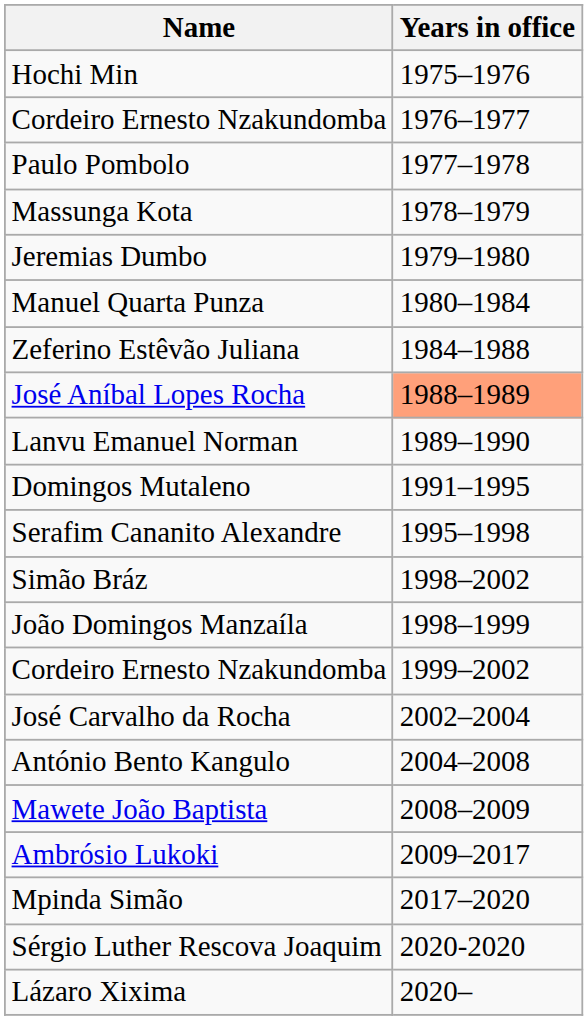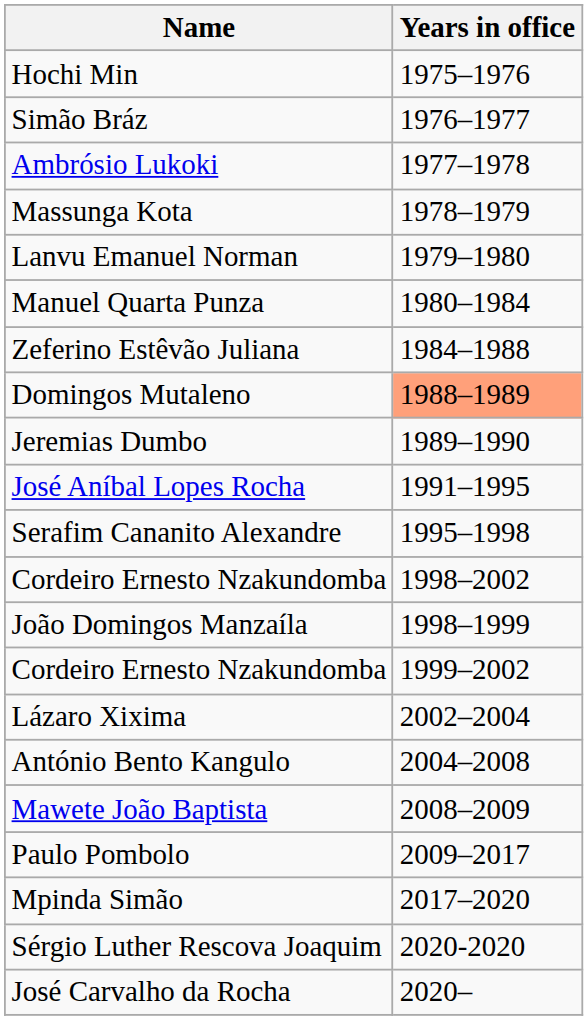 <table class="wikitable sortable">
 <tr>
 <th>Name</th>
 <th>Years in office</th>
 </tr>
 <tr>
 <td>Hochi Min</td>
 <td>1975–1976</td>
 </tr>
 <tr>
-<td>Cordeiro Ernesto Nzakundomba</td>
+<td>Simão Bráz</td>
 <td>1976–1977</td>
 </tr>
 <tr>
-<td>Paulo Pombolo</td>
+<td><a href='#'>Ambrósio Lukoki</a></td>
 <td>1977–1978</td>
 </tr>
 <tr>
 <td>Massunga Kota</td>
 <td>1978–1979</td>
 </tr>
 <tr>
-<td>Jeremias Dumbo</td>
+<td>Lanvu Emanuel Norman</td>
 <td>1979–1980</td>
 </tr>
 <tr>
 <td>Manuel Quarta Punza</td>
 <td>1980–1984</td>
 </tr>
 <tr>
 <td>Zeferino Estêvão Juliana</td>
 <td>1984–1988</td>
 </tr>
 <tr>
-<td><a href='#'>José Aníbal Lopes Rocha</a></td>
+<td>Domingos Mutaleno</td>
 <td style="background: lightsalmon;">1988–1989</td>
 </tr>
 <tr>
-<td>Lanvu Emanuel Norman</td>
+<td>Jeremias Dumbo</td>
 <td>1989–1990</td>
 </tr>
 <tr>
-<td>Domingos Mutaleno</td>
+<td><a href='#'>José Aníbal Lopes Rocha</a></td>
 <td>1991–1995</td>
 </tr>
 <tr>
 <td>Serafim Cananito Alexandre</td>
 <td>1995–1998</td>
 </tr>
 <tr>
-<td>Simão Bráz</td>
+<td>Cordeiro Ernesto Nzakundomba</td>
 <td>1998–2002</td>
 </tr>
 <tr>
 <td>João Domingos Manzaíla</td>
 <td>1998–1999</td>
 </tr>
 <tr>
 <td>Cordeiro Ernesto Nzakundomba</td>
 <td>1999–2002</td>
 </tr>
 <tr>
-<td>José Carvalho da Rocha</td>
+<td>Lázaro Xixima</td>
 <td>2002–2004</td>
 </tr>
 <tr>
 <td>António Bento Kangulo</td>
 <td>2004–2008</td>
 </tr>
 <tr>
 <td><a href='#'>Mawete João Baptista</a></td>
 <td>2008–2009</td>
 </tr>
 <tr>
-<td><a href='#'>Ambrósio Lukoki</a></td>
+<td>Paulo Pombolo</td>
 <td>2009–2017</td>
 </tr>
 <tr>
 <td>Mpinda Simão</td>
 <td>2017–2020</td>
 </tr>
 <tr>
 <td>Sérgio Luther Rescova Joaquim</td>
 <td>2020-2020</td>
 </tr>
 <tr>
-<td>Lázaro Xixima</td>
+<td>José Carvalho da Rocha</td>
 <td>2020–</td>
 </tr>
 </table>
